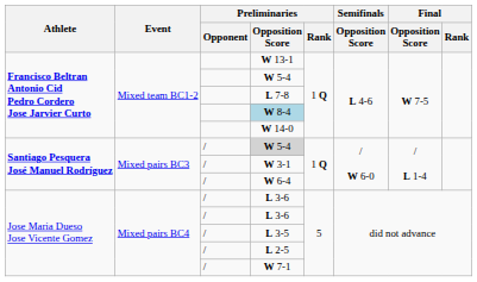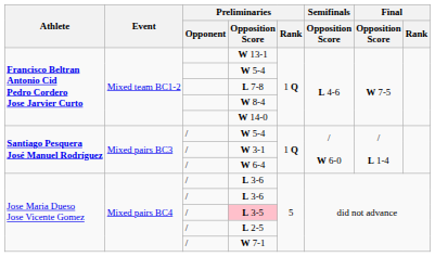 <table class=wikitable style="font-size:90%">
 <tr>
 <th rowspan="2">Athlete</th>
 <th rowspan="2">Event</th>
 <th colspan="3">Preliminaries</th>
 <th>Semifinals</th>
 <th colspan="2">Final</th>
 </tr>
 <tr>
 <th>Opponent</th>
 <th>Opposition<br>Score</th>
 <th>Rank</th>
 <th>Opposition<br>Score</th>
 <th>Opposition<br>Score</th>
 <th>Rank</th>
 </tr>
 <tr>
 <td rowspan="5"><strong><a href='#'>Francisco Beltran</a></strong><br> <strong><a href='#'>Antonio Cid</a></strong><br> <strong><a href='#'>Pedro Cordero</a></strong><br> <strong><a href='#'>Jose Jarvier Curto</a></strong></td>
 <td rowspan="5"><a href='#'>Mixed team BC1-2</a></td>
 <td align="left"></td>
 <td align="center"><strong>W</strong> 13-1</td>
 <td align="center" rowspan="5">1 <strong>Q</strong></td>
 <td align="center" rowspan="5"><br> <strong>L</strong> 4-6</td>
 <td align="center" rowspan="5"><br> <strong>W</strong> 7-5</td>
 <td align="center" rowspan="5"></td>
 </tr>
 <tr>
 <td align="left"></td>
 <td align="center"><strong>W</strong> 5-4</td>
 </tr>
 <tr>
 <td align="left"></td>
 <td align="center"><strong>L</strong> 7-8</td>
 </tr>
 <tr>
 <td align="left"></td>
-<td align="center" style="background: lightblue;"><strong>W</strong> 8-4</td>
+<td align="center"><strong>W</strong> 8-4</td>
 </tr>
 <tr>
 <td align="left"></td>
 <td align="center"><strong>W</strong> 14-0</td>
 </tr>
 <tr>
 <td rowspan="3"><strong><a href='#'>Santiago Pesquera</a></strong><br> <strong><a href='#'>José Manuel Rodríguez</a></strong></td>
 <td rowspan="3"><a href='#'>Mixed pairs BC3</a></td>
 <td align="left"> / <br> </td>
-<td align="center" style="background: lightgrey;"><strong>W</strong> 5-4</td>
+<td align="center"><strong>W</strong> 5-4</td>
 <td align="center" rowspan="3">1 <strong>Q</strong></td>
 <td align="center" rowspan="3"> / <br> <br> <strong>W</strong> 6-0</td>
 <td align="center" rowspan="3"> / <br> <br> <strong>L</strong> 1-4</td>
 <td align="center" rowspan="3"></td>
 </tr>
 <tr>
 <td align="left"> / <br> </td>
 <td align="center"><strong>W</strong> 3-1</td>
 </tr>
 <tr>
 <td align="left"> / <br> </td>
 <td align="center"><strong>W</strong> 6-4</td>
 </tr>
 <tr>
 <td rowspan="5"><a href='#'>Jose Maria Dueso</a><br> <a href='#'>Jose Vicente Gomez</a></td>
 <td rowspan="5"><a href='#'>Mixed pairs BC4</a></td>
 <td align="left"> / <br> </td>
 <td align="center"><strong>L</strong> 3-6</td>
 <td align="center" rowspan="5">5</td>
 <td align="center" rowspan="5" colspan="3">did not advance</td>
 </tr>
 <tr>
 <td align="left"> / <br> </td>
 <td align="center"><strong>L</strong> 3-6</td>
 </tr>
 <tr>
 <td align="left"> / <br> </td>
-<td align="center"><strong>L</strong> 3-5</td>
+<td align="center" style="background: pink;"><strong>L</strong> 3-5</td>
 </tr>
 <tr>
 <td align="left"> / <br> </td>
 <td align="center"><strong>L</strong> 2-5</td>
 </tr>
 <tr>
 <td align="left"> / <br> </td>
 <td align="center"><strong>W</strong> 7-1</td>
 </tr>
 </table>
